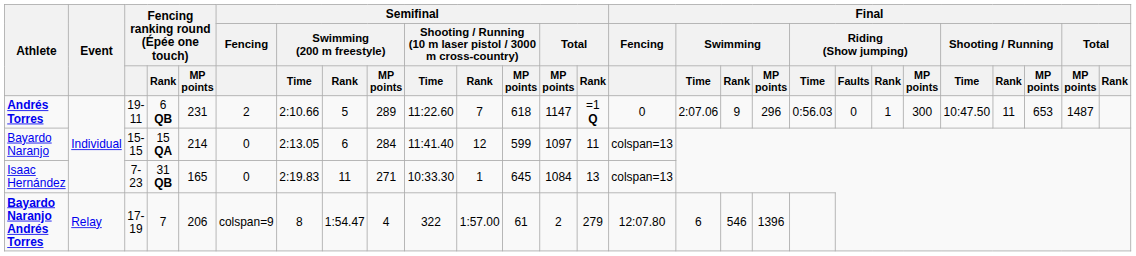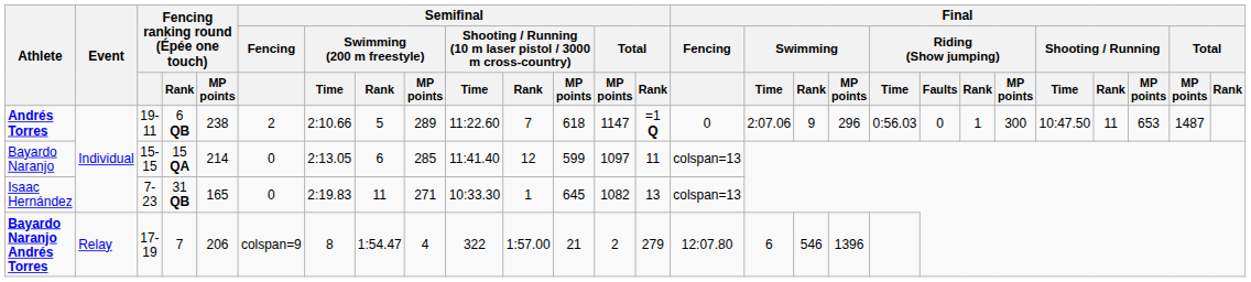 <table class=wikitable style=font-size:90%;text-align:center>
 <tr>
 <th rowspan=3>Athlete</th>
 <th rowspan=3>Event</th>
 <th colspan=3 rowspan=2>Fencing ranking round<br><span>(Épée one touch)</span></th>
 <th colspan=9>Semifinal</th>
 <th colspan=13>Final</th>
 </tr>
 <tr style=font-size:95%>
 <th>Fencing</th>
 <th colspan=3>Swimming<br><span>(200 m freestyle)</span></th>
 <th colspan=3>Shooting / Running<br><span>(10 m laser pistol / 3000 m cross-country)</span></th>
 <th colspan=2>Total</th>
 <th>Fencing</th>
 <th colspan=3>Swimming</th>
 <th colspan=4>Riding<br><span>(Show jumping)</span></th>
 <th colspan=3>Shooting / Running</th>
 <th colspan=2>Total</th>
 </tr>
 <tr style=font-size:90%>
 <th></th>
 <th>Rank</th>
 <th>MP points</th>
 <th></th>
 <th>Time</th>
 <th>Rank</th>
 <th>MP points</th>
 <th>Time</th>
 <th>Rank</th>
 <th>MP points</th>
 <th>MP points</th>
 <th>Rank</th>
 <th></th>
 <th>Time</th>
 <th>Rank</th>
 <th>MP points</th>
 <th>Time</th>
 <th>Faults</th>
 <th>Rank</th>
 <th>MP points</th>
 <th>Time</th>
 <th>Rank</th>
 <th>MP points</th>
 <th>MP points</th>
 <th>Rank</th>
 </tr>
 <tr align=center>
 <td align=left><strong><a href='#'>Andrés Torres</a></strong></td>
 <td align=left rowspan=3><a href='#'>Individual</a></td>
 <td>19-11</td>
 <td>6 <strong>QB</strong></td>
-<td>231</td>
+<td>238</td>
 <td>2</td>
 <td>2:10.66</td>
 <td>5</td>
 <td>289</td>
 <td>11:22.60</td>
 <td>7</td>
 <td>618</td>
 <td>1147</td>
 <td>=1 <strong>Q</strong></td>
 <td>0</td>
 <td>2:07.06</td>
 <td>9</td>
 <td>296</td>
 <td>0:56.03</td>
 <td>0</td>
 <td>1</td>
 <td>300</td>
 <td>10:47.50</td>
 <td>11</td>
 <td>653</td>
 <td>1487</td>
 <td></td>
 </tr>
 <tr align=center>
 <td align=left><a href='#'>Bayardo Naranjo</a></td>
 <td>15-15</td>
 <td>15 <strong>QA</strong></td>
 <td>214</td>
 <td>0</td>
 <td>2:13.05</td>
 <td>6</td>
-<td>284</td>
+<td>285</td>
 <td>11:41.40</td>
 <td>12</td>
 <td>599</td>
 <td>1097</td>
 <td>11</td>
 <td>colspan=13 </td>
 </tr>
 <tr align=center>
 <td align=left><a href='#'>Isaac Hernández</a></td>
 <td>7-23</td>
 <td>31 <strong>QB</strong></td>
 <td>165</td>
 <td>0</td>
 <td>2:19.83</td>
 <td>11</td>
 <td>271</td>
 <td>10:33.30</td>
 <td>1</td>
 <td>645</td>
-<td>1084</td>
+<td>1082</td>
 <td>13</td>
 <td>colspan=13 </td>
 </tr>
 <tr align=center>
 <td align=left><strong><a href='#'>Bayardo Naranjo</a> <br> <a href='#'>Andrés Torres</a></strong></td>
 <td align=left><a href='#'>Relay</a></td>
 <td>17-19</td>
 <td>7</td>
 <td>206</td>
 <td>colspan=9 </td>
 <td>8</td>
 <td>1:54.47</td>
 <td>4</td>
 <td>322</td>
 <td>1:57.00</td>
-<td>61</td>
+<td>21</td>
 <td>2</td>
 <td>279</td>
 <td>12:07.80</td>
 <td>6</td>
 <td>546</td>
 <td>1396</td>
 <td></td>
 </tr>
 </table>
